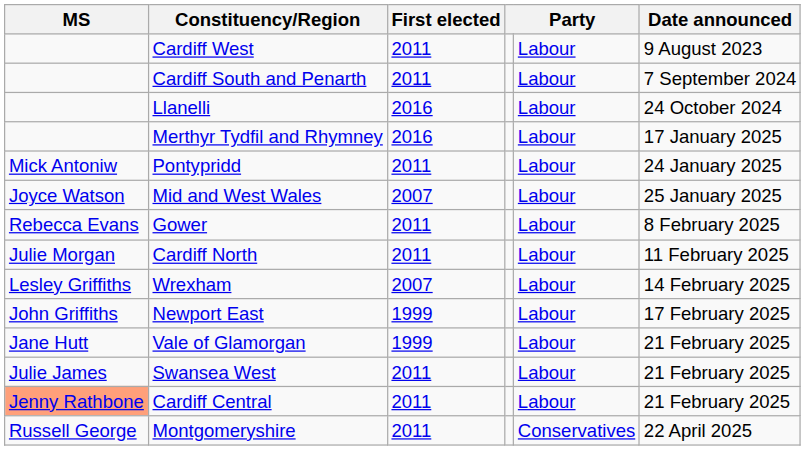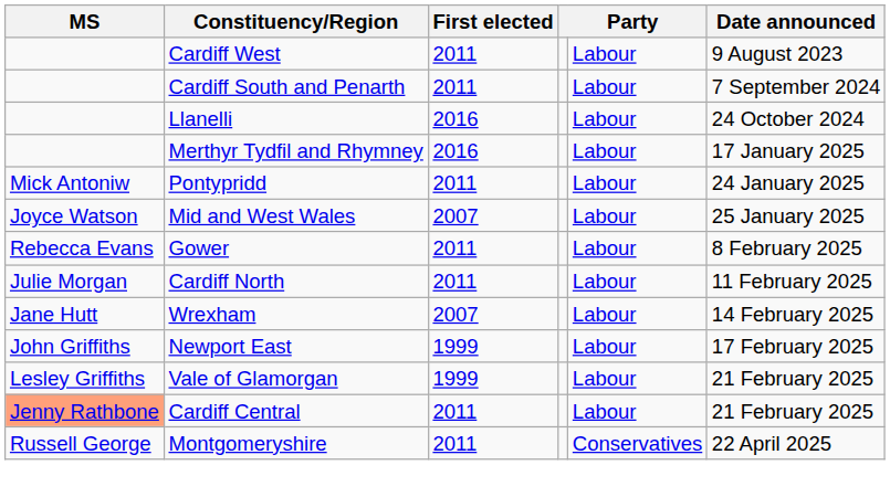 <table class="wikitable" style="text-align:left; font-size:95%; margin-bottom:0">
 <tr>
 <th scope="col">MS</th>
 <th scope="col">Constituency/Region</th>
 <th scope="col">First elected</th>
 <th colspan="2" scope="col">Party</th>
 <th scope="col">Date announced</th>
 </tr>
 <tr>
 <td></td>
 <td><a href='#'>Cardiff West</a></td>
 <td><a href='#'>2011</a></td>
 <td style="background:"></td>
 <td><a href='#'>Labour</a></td>
 <td>9 August 2023</td>
 </tr>
 <tr>
 <td></td>
 <td><a href='#'>Cardiff South and Penarth</a></td>
 <td><a href='#'>2011</a></td>
 <td style="background:"></td>
 <td><a href='#'>Labour</a></td>
 <td>7 September 2024</td>
 </tr>
 <tr>
 <td></td>
 <td><a href='#'>Llanelli</a></td>
 <td><a href='#'>2016</a></td>
 <td style="background:"></td>
 <td><a href='#'>Labour</a></td>
 <td>24 October 2024</td>
 </tr>
 <tr>
 <td></td>
 <td><a href='#'>Merthyr Tydfil and Rhymney</a></td>
 <td><a href='#'>2016</a></td>
 <td style="background:"></td>
 <td><a href='#'>Labour</a></td>
 <td>17 January 2025</td>
 </tr>
 <tr>
 <td><a href='#'>Mick Antoniw</a></td>
 <td><a href='#'>Pontypridd</a></td>
 <td><a href='#'>2011</a></td>
 <td style="background:"></td>
 <td><a href='#'>Labour</a></td>
 <td>24 January 2025</td>
 </tr>
 <tr>
 <td><a href='#'>Joyce Watson</a></td>
 <td><a href='#'>Mid and West Wales</a></td>
 <td><a href='#'>2007</a></td>
 <td style="background:"></td>
 <td><a href='#'>Labour</a></td>
 <td>25 January 2025</td>
 </tr>
 <tr>
 <td><a href='#'>Rebecca Evans</a></td>
 <td><a href='#'>Gower</a></td>
 <td><a href='#'>2011</a></td>
 <td style="background:"></td>
 <td><a href='#'>Labour</a></td>
 <td>8 February 2025</td>
 </tr>
 <tr>
 <td><a href='#'>Julie Morgan</a></td>
 <td><a href='#'>Cardiff North</a></td>
 <td><a href='#'>2011</a></td>
 <td style="background:"></td>
 <td><a href='#'>Labour</a></td>
 <td>11 February 2025</td>
 </tr>
 <tr>
-<td><a href='#'>Lesley Griffiths</a></td>
+<td><a href='#'>Jane Hutt</a></td>
 <td><a href='#'>Wrexham</a></td>
 <td><a href='#'>2007</a></td>
 <td style="background:"></td>
 <td><a href='#'>Labour</a></td>
 <td>14 February 2025</td>
 </tr>
 <tr>
 <td><a href='#'>John Griffiths</a></td>
 <td><a href='#'>Newport East</a></td>
 <td><a href='#'>1999</a></td>
 <td style="background:"></td>
 <td><a href='#'>Labour</a></td>
 <td>17 February 2025</td>
 </tr>
 <tr>
-<td><a href='#'>Jane Hutt</a></td>
+<td><a href='#'>Lesley Griffiths</a></td>
 <td><a href='#'>Vale of Glamorgan</a></td>
 <td><a href='#'>1999</a></td>
-<td style="background:"></td>
-<td><a href='#'>Labour</a></td>
-<td>21 February 2025</td>
-</tr>
-<tr>
-<td><a href='#'>Julie James</a></td>
-<td><a href='#'>Swansea West</a></td>
-<td><a href='#'>2011</a></td>
 <td style="background:"></td>
 <td><a href='#'>Labour</a></td>
 <td>21 February 2025</td>
 </tr>
 <tr>
 <td style="background: lightsalmon;"><a href='#'>Jenny Rathbone</a></td>
 <td><a href='#'>Cardiff Central</a></td>
 <td><a href='#'>2011</a></td>
 <td style="background:"></td>
 <td><a href='#'>Labour</a></td>
 <td>21 February 2025</td>
 </tr>
 <tr>
 <td><a href='#'>Russell George</a></td>
 <td><a href='#'>Montgomeryshire</a></td>
 <td><a href='#'>2011</a></td>
 <td style="background:"></td>
 <td><a href='#'>Conservatives</a></td>
 <td>22 April 2025</td>
 </tr>
 </table>
